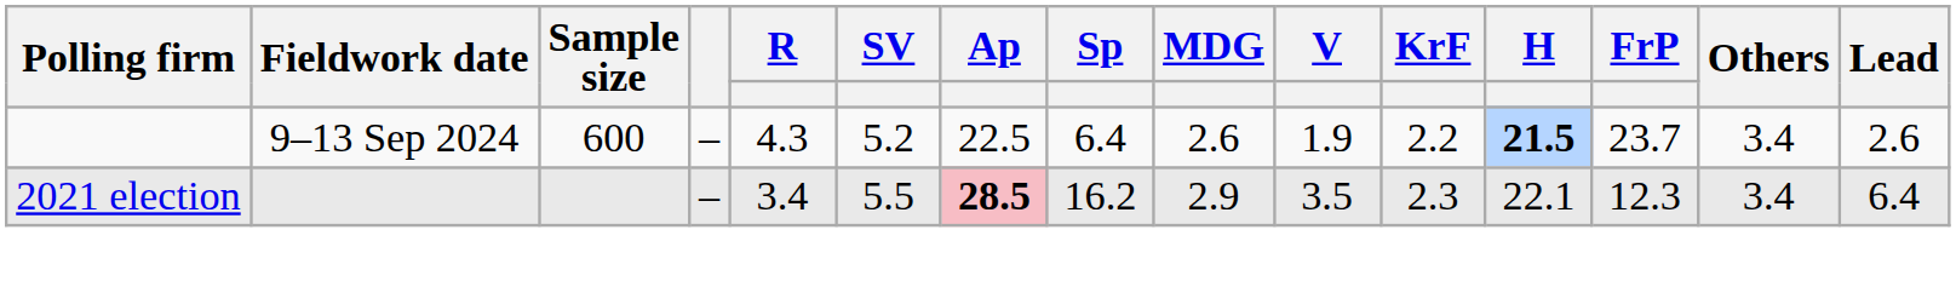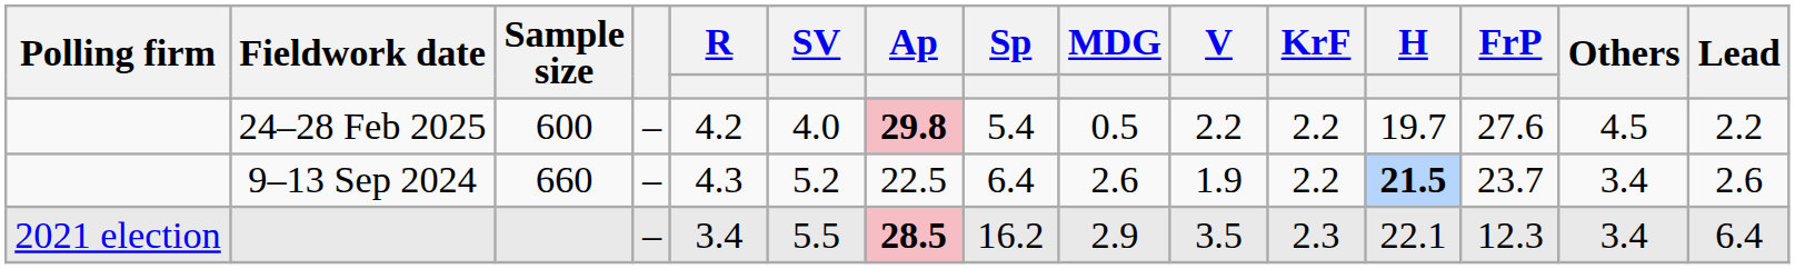 <table class="wikitable sortable mw-datatable" style="text-align:center;font-size:90%;line-height:14px;">
 <tr>
 <th rowspan="2">Polling firm</th>
 <th rowspan="2">Fieldwork date</th>
 <th rowspan="2">Sample<br>size</th>
 <th rowspan="2"></th>
 <th class="unsortable" style="width:30px;"><a href='#'>R</a></th>
 <th class="unsortable" style="width:30px;"><a href='#'>SV</a></th>
 <th class="unsortable" style="width:30px;"><a href='#'>Ap</a></th>
 <th class="unsortable" style="width:30px;"><a href='#'>Sp</a></th>
 <th class="unsortable" style="width:30px;"><a href='#'>MDG</a></th>
 <th class="unsortable" style="width:30px;"><a href='#'>V</a></th>
 <th class="unsortable" style="width:30px;"><a href='#'>KrF</a></th>
 <th class="unsortable" style="width:30px;"><a href='#'>H</a></th>
 <th class="unsortable" style="width:30px;"><a href='#'>FrP</a></th>
 <th rowspan="2" class="unsortable" style="width:30px;">Others</th>
 <th rowspan="2">Lead</th>
 </tr>
 <tr>
 <th style="background:"></th>
 <th style="background:"></th>
 <th style="background:"></th>
 <th style="background:"></th>
 <th style="background:"></th>
 <th style="background:"></th>
 <th style="background:"></th>
 <th style="background:"></th>
 <th style="background:"></th>
 </tr>
 <tr>
 <td></td>
+<td>24–28 Feb 2025</td>
+<td>600</td>
+<td>–</td>
+<td>4.2</td>
+<td>4.0</td>
+<td style="background:#F7BDC5;"><strong>29.8</strong></td>
+<td>5.4</td>
+<td>0.5</td>
+<td>2.2</td>
+<td>2.2</td>
+<td>19.7</td>
+<td>27.6</td>
+<td>4.5</td>
+<td style="background:">2.2</td>
+</tr>
+<tr>
+<td></td>
 <td>9–13 Sep 2024</td>
-<td>600</td>
+<td>660</td>
 <td>–</td>
 <td>4.3</td>
 <td>5.2</td>
 <td>22.5</td>
 <td>6.4</td>
 <td>2.6</td>
 <td>1.9</td>
 <td>2.2</td>
 <td style="background:#B5D5FF;"><strong>21.5</strong></td>
 <td>23.7</td>
 <td>3.4</td>
 <td style="background:">2.6</td>
 </tr>
 <tr style="background:#E9E9E9;">
 <td><a href='#'>2021 election</a></td>
 <td></td>
 <td></td>
 <td>–</td>
 <td>3.4</td>
 <td>5.5</td>
 <td style="background:#F7BDC5;"><strong>28.5</strong></td>
 <td>16.2</td>
 <td>2.9</td>
 <td>3.5</td>
 <td>2.3</td>
 <td>22.1</td>
 <td>12.3</td>
 <td>3.4</td>
 <td style="background:">6.4</td>
 </tr>
 </table>
